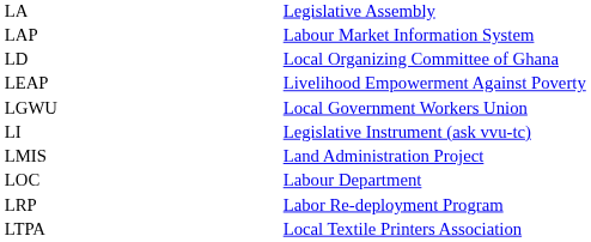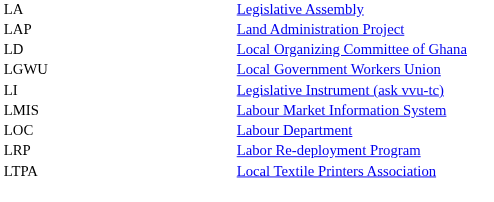 <table width="100%" style="text-verticalalign:top">
 <tr>
 <td width="20%">LA</td>
 <td width="40%"><a href='#'>Legislative Assembly</a></td>
 <td width="40%"></td>
 </tr>
 <tr>
 <td>LAP</td>
-<td><a href='#'>Labour Market Information System</a></td>
+<td><a href='#'>Land Administration Project</a></td>
 <td></td>
 </tr>
 <tr>
 <td>LD</td>
 <td><a href='#'>Local Organizing Committee of Ghana</a></td>
-<td></td>
-</tr>
-<tr>
-<td>LEAP</td>
-<td><a href='#'>Livelihood Empowerment Against Poverty</a></td>
 <td></td>
 </tr>
 <tr>
 <td>LGWU</td>
 <td><a href='#'>Local Government Workers Union</a></td>
 </tr>
 <tr>
 <td>LI</td>
 <td><a href='#'>Legislative Instrument (ask vvu-tc)</a></td>
 </tr>
 <tr>
 <td>LMIS</td>
-<td><a href='#'>Land Administration Project</a></td>
+<td><a href='#'>Labour Market Information System</a></td>
 <td></td>
 </tr>
 <tr>
 <td>LOC</td>
 <td><a href='#'>Labour Department</a></td>
 <td></td>
 </tr>
 <tr>
 <td>LRP</td>
 <td><a href='#'>Labor Re-deployment Program</a></td>
 <td></td>
 </tr>
 <tr>
 <td>LTPA</td>
 <td><a href='#'>Local Textile Printers Association</a></td>
 <td></td>
 </tr>
 </table>
